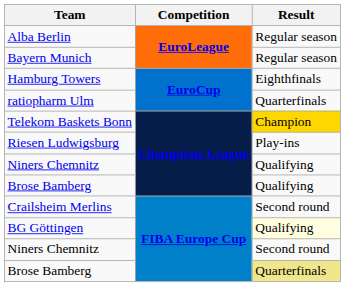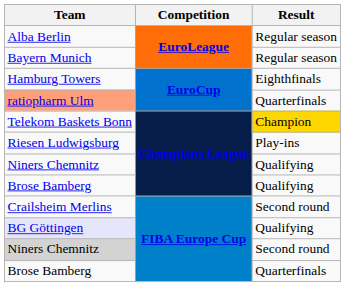 <table class="wikitable sortable">
 <tr>
 <th>Team</th>
 <th>Competition</th>
 <th>Result</th>
 </tr>
 <tr>
 <td><a href='#'>Alba Berlin</a></td>
 <td rowspan="2" style="background:#ff6d09;color:#ffffff;text-align:center"><strong><a href='#'><span>EuroLeague</span></a></strong></td>
 <td>Regular season</td>
 </tr>
 <tr>
 <td><a href='#'>Bayern Munich</a></td>
 <td>Regular season</td>
 </tr>
 <tr>
 <td><a href='#'>Hamburg Towers</a></td>
 <td rowspan="2" style="background-color:#0072CE;color:white;text-align:center"><strong><a href='#'><span>EuroCup</span></a></strong></td>
 <td>Eighthfinals</td>
 </tr>
 <tr>
-<td><a href='#'>ratiopharm Ulm</a></td>
+<td style="background: lightsalmon;"><a href='#'>ratiopharm Ulm</a></td>
 <td>Quarterfinals</td>
 </tr>
 <tr>
 <td><a href='#'>Telekom Baskets Bonn</a></td>
 <td rowspan="4" style="background-color:#071D49;color:#D0D3D4;text-align:center"><strong><a href='#'><span>Champions League</span></a></strong></td>
 <td bgcolor=gold>Champion</td>
 </tr>
 <tr>
 <td><a href='#'>Riesen Ludwigsburg</a></td>
 <td>Play-ins</td>
 </tr>
 <tr>
 <td><a href='#'>Niners Chemnitz</a></td>
 <td>Qualifying</td>
 </tr>
 <tr>
 <td><a href='#'>Brose Bamberg</a></td>
 <td>Qualifying</td>
 </tr>
 <tr>
 <td><a href='#'>Crailsheim Merlins</a></td>
 <td rowspan="4" style="background-color:#0080C8;color:white;text-align:center"><strong><a href='#'><span>FIBA Europe Cup</span></a></strong></td>
 <td>Second round</td>
 </tr>
 <tr>
-<td><a href='#'>BG Göttingen</a></td>
-<td style="background: lightyellow;">Qualifying</td>
+<td style="background: lavender;"><a href='#'>BG Göttingen</a></td>
+<td>Qualifying</td>
 </tr>
 <tr>
-<td>Niners Chemnitz</td>
+<td style="background: lightgrey;">Niners Chemnitz</td>
 <td>Second round</td>
 </tr>
 <tr>
 <td>Brose Bamberg</td>
-<td style="background: khaki;">Quarterfinals</td>
+<td>Quarterfinals</td>
 </tr>
 </table>
